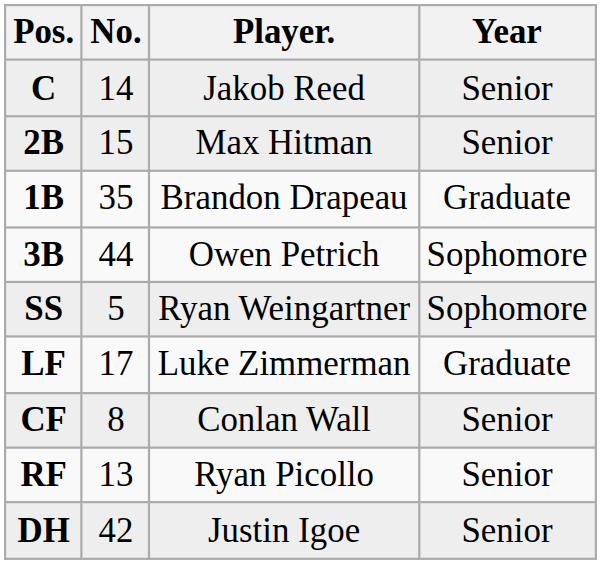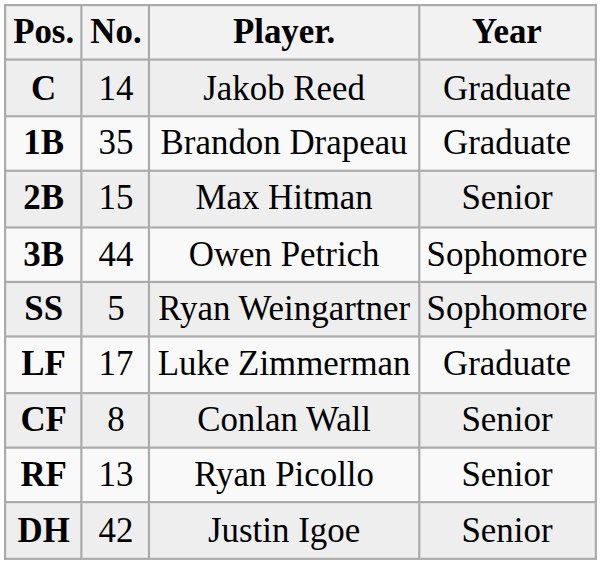 <table class="wikitable non-sortable">
 <tr>
 <th style="text-align:center; ">Pos.</th>
 <th style="text-align:center; ">No.</th>
 <th style="text-align:center; ">Player.</th>
 <th style="text-align:center; ">Year</th>
 </tr>
 <tr style="background:#eeeeee;text-align:center;">
 <td><strong>C</strong></td>
 <td>14</td>
 <td>Jakob Reed</td>
-<td>Senior</td>
+<td>Graduate</td>
+</tr>
+<tr style="text-align:center;">
+<td><strong>1B</strong></td>
+<td>35</td>
+<td>Brandon Drapeau</td>
+<td>Graduate</td>
 </tr>
 <tr style="background:#eeeeee;text-align:center;">
 <td><strong>2B</strong></td>
 <td>15</td>
 <td>Max Hitman</td>
 <td>Senior</td>
-</tr>
-<tr style="text-align:center;">
-<td><strong>1B</strong></td>
-<td>35</td>
-<td>Brandon Drapeau</td>
-<td>Graduate</td>
 </tr>
 <tr style="text-align:center;">
 <td><strong>3B</strong></td>
 <td>44</td>
 <td>Owen Petrich</td>
 <td>Sophomore</td>
 </tr>
 <tr style="background:#eeeeee;text-align:center;">
 <td><strong>SS</strong></td>
 <td>5</td>
 <td>Ryan Weingartner</td>
 <td>Sophomore</td>
 </tr>
 <tr style="text-align:center;">
 <td><strong>LF</strong></td>
 <td>17</td>
 <td>Luke Zimmerman</td>
 <td>Graduate</td>
 </tr>
 <tr style="background:#eeeeee;text-align:center;">
 <td><strong>CF</strong></td>
 <td>8</td>
 <td>Conlan Wall</td>
 <td>Senior</td>
 </tr>
 <tr style="text-align:center;">
 <td><strong>RF</strong></td>
 <td>13</td>
 <td>Ryan Picollo</td>
 <td>Senior</td>
 </tr>
 <tr style="background:#eeeeee;text-align:center;">
 <td><strong>DH</strong></td>
 <td>42</td>
 <td>Justin Igoe</td>
 <td>Senior</td>
 </tr>
 </table>
